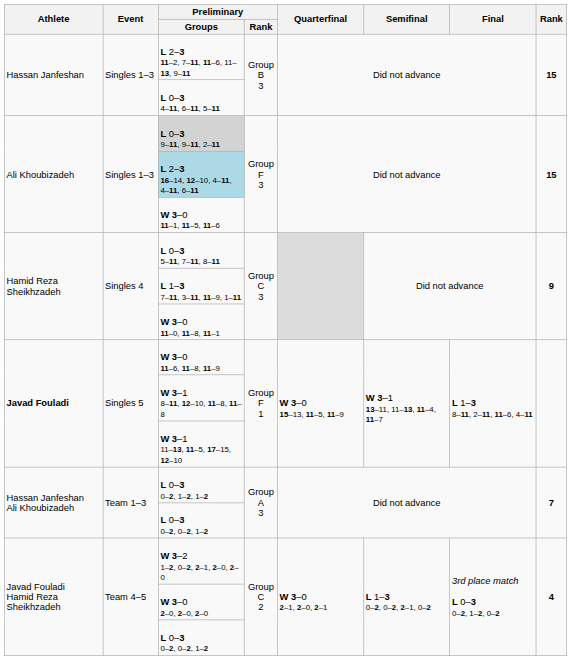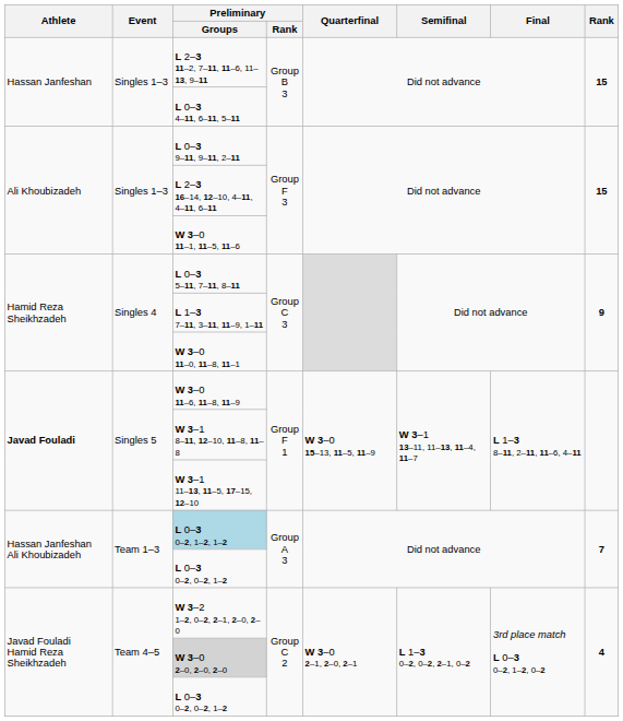 <table class="wikitable" width="98%" style="text-align:left; font-size:90%">
 <tr>
 <th rowspan="2" width="16%">Athlete</th>
 <th rowspan="2" width="9%">Event</th>
 <th colspan="2">Preliminary</th>
 <th rowspan="2" width="14%">Quarterfinal</th>
 <th rowspan="2" width="14%">Semifinal</th>
 <th rowspan="2" width="14%">Final</th>
 <th rowspan="2" width="5%">Rank</th>
 </tr>
 <tr>
 <th width="14%">Groups</th>
 <th width="5%">Rank</th>
 </tr>
 <tr>
 <td rowspan="2">Hassan Janfeshan</td>
 <td rowspan="2">Singles 1–3</td>
 <td><br><strong>L</strong> 2–<strong>3</strong><br><small><strong>11</strong>–2, 7–<strong>11</strong>, <strong>11</strong>–6, 11–<strong>13</strong>, 9–<strong>11</strong></small></td>
 <td rowspan="2" align=center>Group B<br>3</td>
 <td colspan=3 rowspan="2" align=center>Did not advance</td>
 <td rowspan="2" align="center"><strong>15</strong></td>
 </tr>
 <tr>
 <td><br><strong>L</strong> 0–<strong>3</strong><br><small>4–<strong>11</strong>, 6–<strong>11</strong>, 5–<strong>11</strong></small></td>
 </tr>
 <tr>
 <td rowspan="3">Ali Khoubizadeh</td>
 <td rowspan="3">Singles 1–3</td>
-<td style="background: lightgrey;"><br><strong>L</strong> 0–<strong>3</strong><br><small>9–<strong>11</strong>, 9–<strong>11</strong>, 2–<strong>11</strong></small></td>
+<td><br><strong>L</strong> 0–<strong>3</strong><br><small>9–<strong>11</strong>, 9–<strong>11</strong>, 2–<strong>11</strong></small></td>
 <td rowspan="3" align=center>Group F<br>3</td>
 <td colspan=3 rowspan="3" align=center>Did not advance</td>
 <td rowspan="3" align="center"><strong>15</strong></td>
 </tr>
 <tr>
-<td style="background: lightblue;"><br><strong>L</strong> 2–<strong>3</strong><br><small><strong>16</strong>–14, <strong>12</strong>–10, 4–<strong>11</strong>, 4–<strong>11</strong>, 6–<strong>11</strong></small></td>
+<td><br><strong>L</strong> 2–<strong>3</strong><br><small><strong>16</strong>–14, <strong>12</strong>–10, 4–<strong>11</strong>, 4–<strong>11</strong>, 6–<strong>11</strong></small></td>
 </tr>
 <tr>
 <td><br><strong>W</strong> <strong>3</strong>–0<br><small><strong>11</strong>–1, <strong>11</strong>–5, <strong>11</strong>–6</small></td>
 </tr>
 <tr>
 <td rowspan="3">Hamid Reza Sheikhzadeh</td>
 <td rowspan="3">Singles 4</td>
 <td><br><strong>L</strong> 0–<strong>3</strong><br><small>5–<strong>11</strong>, 7–<strong>11</strong>, 8–<strong>11</strong></small></td>
 <td rowspan="3" align=center>Group C<br>3</td>
 <td rowspan="3" bgcolor=#DCDCDC></td>
 <td colspan=2 rowspan="3" align=center>Did not advance</td>
 <td rowspan="3" align="center"><strong>9</strong></td>
 </tr>
 <tr>
 <td><br><strong>L</strong> 1–<strong>3</strong><br><small>7–<strong>11</strong>, 3–<strong>11</strong>, <strong>11</strong>–9, 1–<strong>11</strong></small></td>
 </tr>
 <tr>
 <td><br><strong>W</strong> <strong>3</strong>–0<br><small><strong>11</strong>–0, <strong>11</strong>–8, <strong>11</strong>–1</small></td>
 </tr>
 <tr>
 <td rowspan="3"><strong>Javad Fouladi</strong></td>
 <td rowspan="3">Singles 5</td>
 <td><br><strong>W</strong> <strong>3</strong>–0<br><small><strong>11</strong>–6, <strong>11</strong>–8, <strong>11</strong>–9</small></td>
 <td rowspan="3" align=center>Group F<br>1 <strong></strong></td>
 <td rowspan="3"><br><strong>W</strong> <strong>3</strong>–0<br><small><strong>15</strong>–13, <strong>11</strong>–5, <strong>11</strong>–9</small></td>
 <td rowspan="3"><br><strong>W</strong> <strong>3</strong>–1<br><small><strong>13</strong>–11, 11–<strong>13</strong>, <strong>11</strong>–4, <strong>11</strong>–7</small></td>
 <td rowspan="3"><br><strong>L</strong> 1–<strong>3</strong><br><small>8–<strong>11</strong>, 2–<strong>11</strong>, <strong>11</strong>–6, 4–<strong>11</strong></small></td>
 <td rowspan="3" align="center"></td>
 </tr>
 <tr>
 <td><br><strong>W</strong> <strong>3</strong>–1<br><small>8–<strong>11</strong>, <strong>12</strong>–10, <strong>11</strong>–8, <strong>11</strong>–8</small></td>
 </tr>
 <tr>
 <td><br><strong>W</strong> <strong>3</strong>–1<br><small>11–<strong>13</strong>, <strong>11</strong>–5, <strong>17</strong>–15, <strong>12</strong>–10</small></td>
 </tr>
 <tr>
 <td rowspan="2">Hassan Janfeshan<br>Ali Khoubizadeh</td>
 <td rowspan="2">Team 1–3</td>
-<td><br><strong>L</strong> 0–<strong>3</strong><br><small>0–<strong>2</strong>, 1–<strong>2</strong>, 1–<strong>2</strong></small></td>
+<td style="background: lightblue;"><br><strong>L</strong> 0–<strong>3</strong><br><small>0–<strong>2</strong>, 1–<strong>2</strong>, 1–<strong>2</strong></small></td>
 <td rowspan="2" align=center>Group A<br>3</td>
 <td colspan=3 rowspan="2" align=center>Did not advance</td>
 <td rowspan="2" align="center"><strong>7</strong></td>
 </tr>
 <tr>
 <td><br><strong>L</strong> 0–<strong>3</strong><br><small>0–<strong>2</strong>, 0–<strong>2</strong>, 1–<strong>2</strong></small></td>
 </tr>
 <tr>
 <td rowspan="3">Javad Fouladi<br>Hamid Reza Sheikhzadeh</td>
 <td rowspan="3">Team 4–5</td>
 <td><br><strong>W</strong> <strong>3</strong>–2<br><small>1–<strong>2</strong>, 0–<strong>2</strong>, <strong>2</strong>–1, <strong>2</strong>–0, <strong>2</strong>–0</small></td>
 <td rowspan="3" align=center>Group C<br>2 <strong></strong></td>
 <td rowspan="3"><br><strong>W</strong> <strong>3</strong>–0<br><small><strong>2</strong>–1, <strong>2</strong>–0, <strong>2</strong>–1</small></td>
 <td rowspan="3"><br><strong>L</strong> 1–<strong>3</strong><br><small>0–<strong>2</strong>, 0–<strong>2</strong>, <strong>2</strong>–1, 0–<strong>2</strong></small></td>
 <td rowspan="3"><em>3rd place match</em><br><br><strong>L</strong> 0–<strong>3</strong><br><small>0–<strong>2</strong>, 1–<strong>2</strong>, 0–<strong>2</strong></small></td>
 <td rowspan="3" align="center"><strong>4</strong></td>
 </tr>
 <tr>
-<td><br><strong>W</strong> <strong>3</strong>–0<br><small><strong>2</strong>–0, <strong>2</strong>–0, <strong>2</strong>–0</small></td>
+<td style="background: lightgrey;"><br><strong>W</strong> <strong>3</strong>–0<br><small><strong>2</strong>–0, <strong>2</strong>–0, <strong>2</strong>–0</small></td>
 </tr>
 <tr>
 <td><br><strong>L</strong> 0–<strong>3</strong><br><small>0–<strong>2</strong>, 0–<strong>2</strong>, 1–<strong>2</strong></small></td>
 </tr>
 </table>
